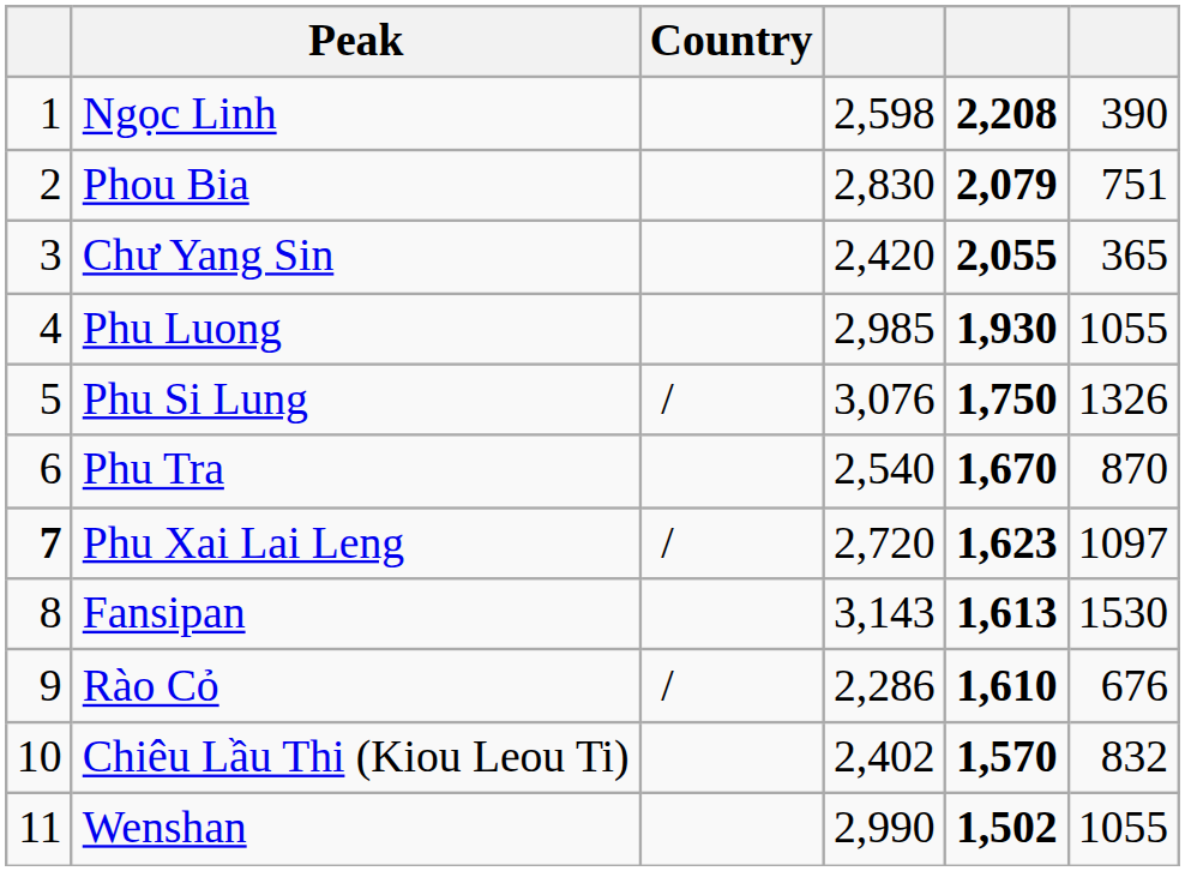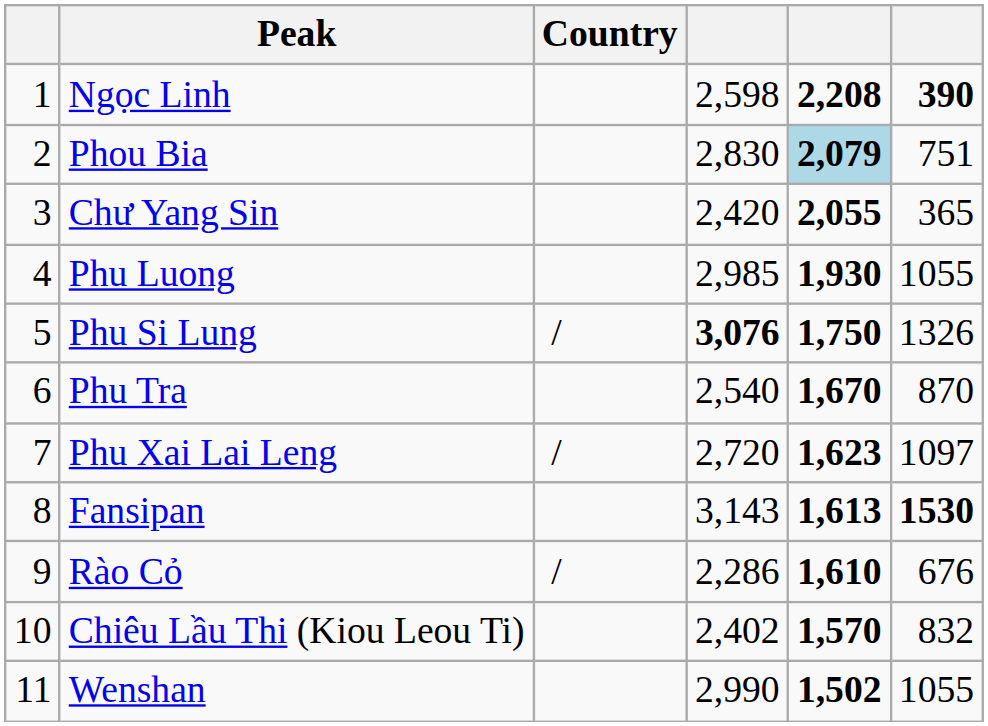 <table class="wikitable sortable" style="text-align:right;">
 <tr>
 <th></th>
 <th>Peak</th>
 <th>Country</th>
 <th></th>
 <th></th>
 <th></th>
 </tr>
 <tr>
 <td>1</td>
 <td style="text-align:left;"><a href='#'>Ngọc Linh</a></td>
 <td style="text-align:left;"></td>
 <td>2,598</td>
 <td><strong>2,208</strong></td>
-<td>390</td>
+<td><strong>390</strong></td>
 </tr>
 <tr>
 <td>2</td>
 <td style="text-align:left;"><a href='#'>Phou Bia</a></td>
 <td style="text-align:left;"></td>
 <td>2,830</td>
-<td><strong>2,079</strong></td>
+<td style="background: lightblue;"><strong>2,079</strong></td>
 <td>751</td>
 </tr>
 <tr>
 <td>3</td>
 <td style="text-align:left;"><a href='#'>Chư Yang Sin</a></td>
 <td style="text-align:left;"></td>
 <td>2,420</td>
 <td><strong>2,055</strong></td>
 <td>365</td>
 </tr>
 <tr>
 <td>4</td>
 <td style="text-align:left;"><a href='#'>Phu Luong</a></td>
 <td style="text-align:left;"></td>
 <td>2,985</td>
 <td><strong>1,930</strong></td>
 <td>1055</td>
 </tr>
 <tr>
 <td>5</td>
 <td style="text-align:left;"><a href='#'>Phu Si Lung</a></td>
 <td style="text-align:left;"> / </td>
-<td>3,076</td>
+<td><strong>3,076</strong></td>
 <td><strong>1,750</strong></td>
 <td>1326</td>
 </tr>
 <tr>
 <td>6</td>
 <td style="text-align:left;"><a href='#'>Phu Tra</a></td>
 <td style="text-align:left;"></td>
 <td>2,540</td>
 <td><strong>1,670</strong></td>
 <td>870</td>
 </tr>
 <tr>
-<td><strong>7</strong></td>
+<td>7</td>
 <td style="text-align:left;"><a href='#'>Phu Xai Lai Leng</a></td>
 <td style="text-align:left;"> / </td>
 <td>2,720</td>
 <td><strong>1,623</strong></td>
 <td>1097</td>
 </tr>
 <tr>
 <td>8</td>
 <td style="text-align:left;"><a href='#'>Fansipan</a></td>
 <td style="text-align:left;"></td>
 <td>3,143</td>
 <td><strong>1,613</strong></td>
-<td>1530</td>
+<td><strong>1530</strong></td>
 </tr>
 <tr>
 <td>9</td>
 <td style="text-align:left;"><a href='#'>Rào Cỏ</a></td>
 <td style="text-align:left;"> / </td>
 <td>2,286</td>
 <td><strong>1,610</strong></td>
 <td>676</td>
 </tr>
 <tr>
 <td>10</td>
 <td style="text-align:left;"><a href='#'>Chiêu Lầu Thi</a> (Kiou Leou Ti)</td>
 <td style="text-align:left;"></td>
 <td>2,402</td>
 <td><strong>1,570</strong></td>
 <td>832</td>
 </tr>
 <tr>
 <td>11</td>
 <td style="text-align:left;"><a href='#'>Wenshan</a></td>
 <td style="text-align:left;"></td>
 <td>2,990</td>
 <td><strong>1,502</strong></td>
 <td>1055</td>
 </tr>
 <tr>
 </tr>
 </table>
